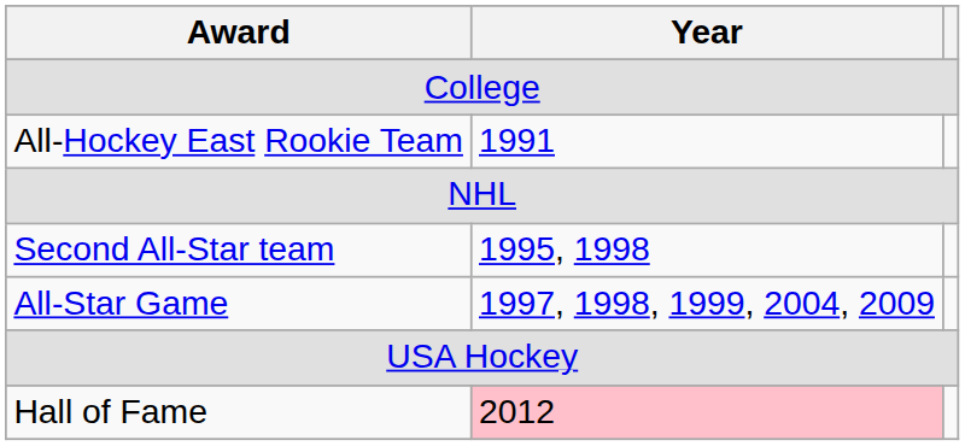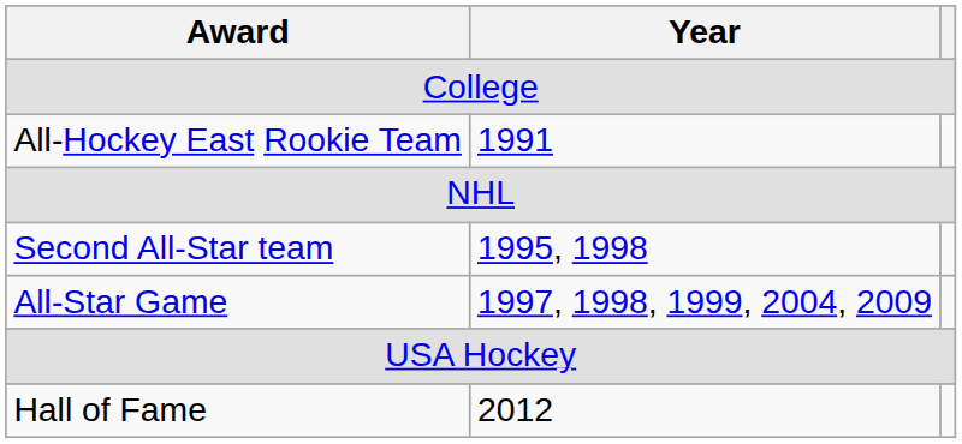 <table class="wikitable">
 <tr>
 <th>Award</th>
 <th>Year</th>
 <th></th>
 </tr>
 <tr ALIGN="center" bgcolor="#e0e0e0">
 <td colspan="3"><a href='#'>College</a></td>
 </tr>
 <tr>
 <td>All-<a href='#'>Hockey East</a> <a href='#'>Rookie Team</a></td>
 <td><a href='#'>1991</a></td>
 <td></td>
 </tr>
 <tr ALIGN="center" bgcolor="#e0e0e0">
 <td colspan="3"><a href='#'>NHL</a></td>
 </tr>
 <tr>
 <td><a href='#'>Second All-Star team</a></td>
 <td><a href='#'>1995</a>, <a href='#'>1998</a></td>
 <td></td>
 </tr>
 <tr>
 <td><a href='#'>All-Star Game</a></td>
 <td><a href='#'>1997</a>, <a href='#'>1998</a>, <a href='#'>1999</a>, <a href='#'>2004</a>, <a href='#'>2009</a></td>
 <td></td>
 </tr>
 <tr ALIGN="center" bgcolor="#e0e0e0">
 <td colspan="3"><a href='#'>USA Hockey</a></td>
 </tr>
 <tr>
 <td>Hall of Fame</td>
-<td style="background: pink;">2012</td>
+<td>2012</td>
 <td></td>
 </tr>
 </table>
